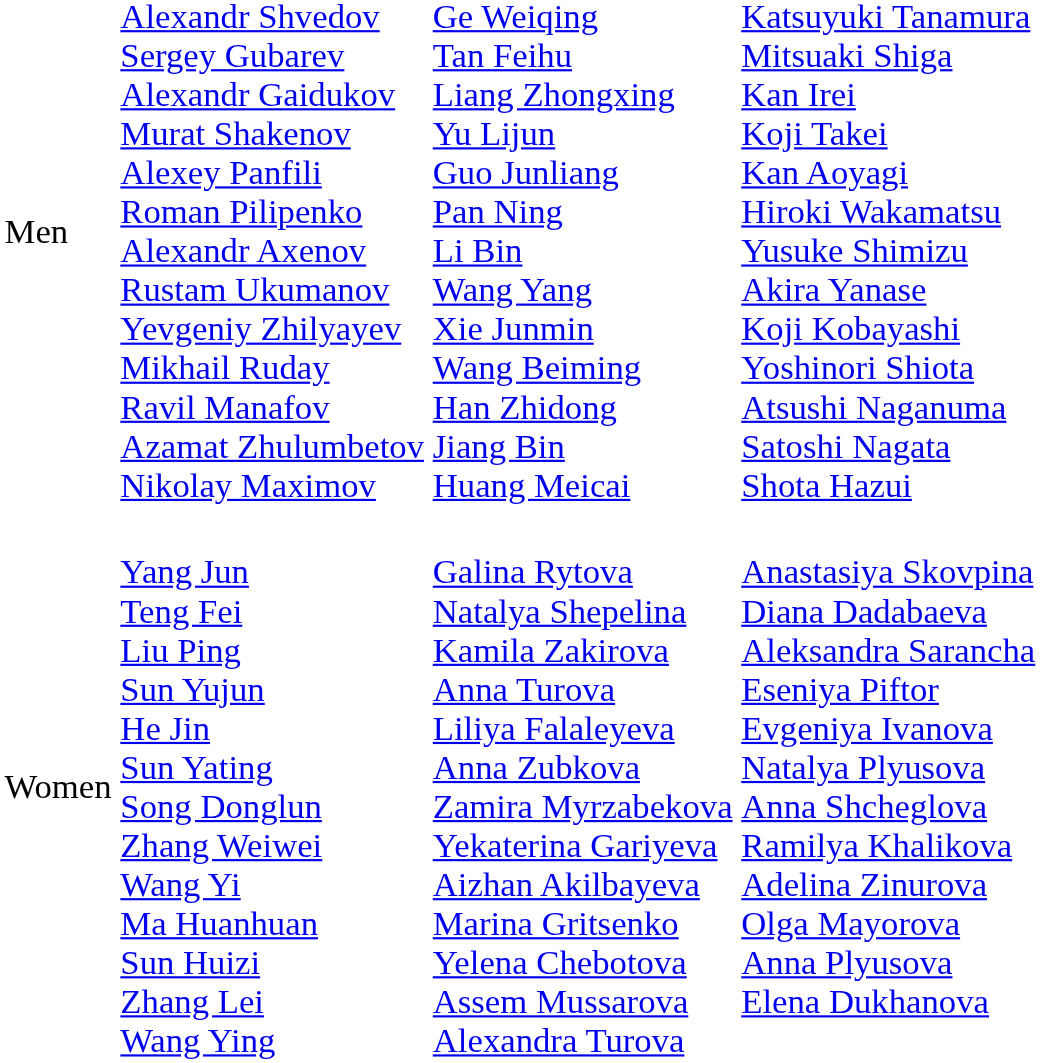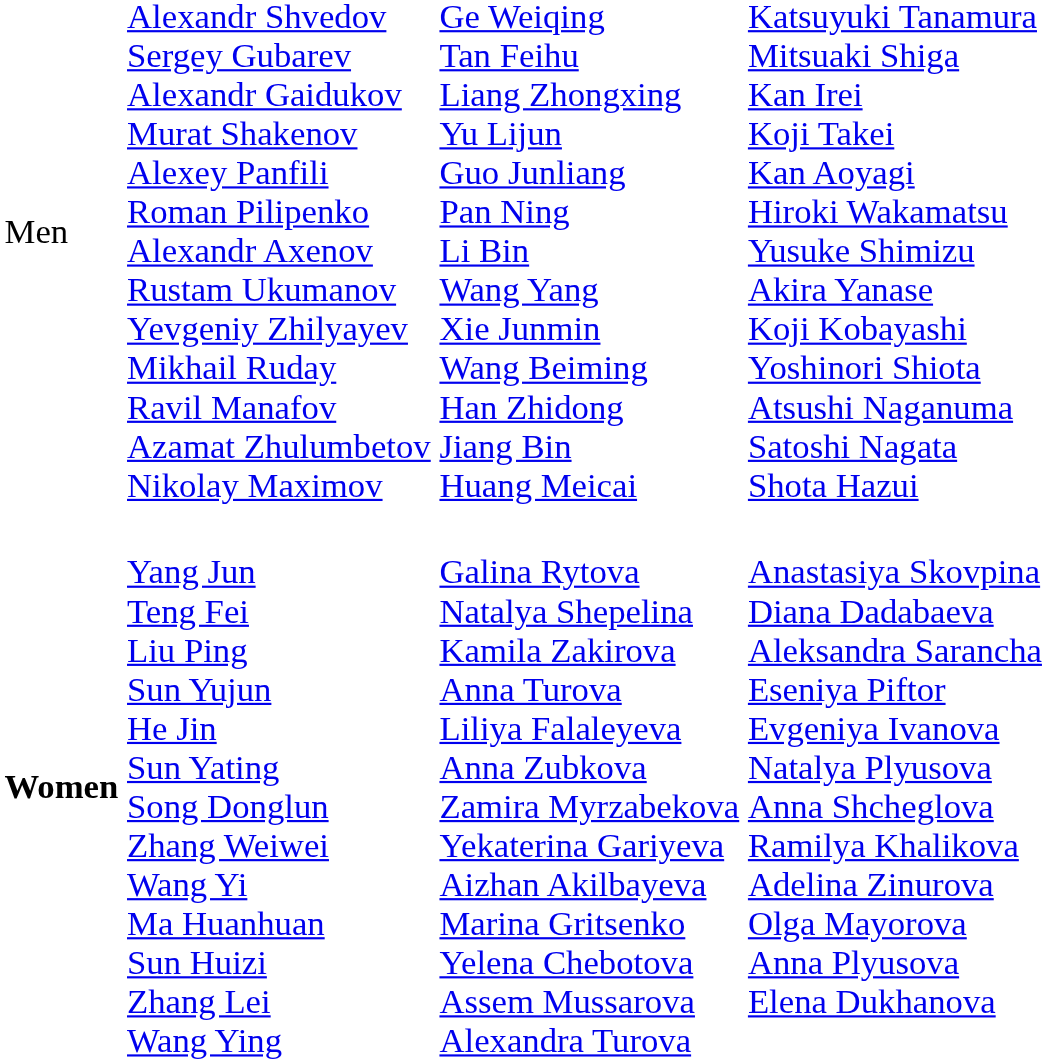 <table>
 <tr>
 <td>Men<br></td>
 <td><br><a href='#'>Alexandr Shvedov</a><br><a href='#'>Sergey Gubarev</a><br><a href='#'>Alexandr Gaidukov</a><br><a href='#'>Murat Shakenov</a><br><a href='#'>Alexey Panfili</a><br><a href='#'>Roman Pilipenko</a><br><a href='#'>Alexandr Axenov</a><br><a href='#'>Rustam Ukumanov</a><br><a href='#'>Yevgeniy Zhilyayev</a><br><a href='#'>Mikhail Ruday</a><br><a href='#'>Ravil Manafov</a><br><a href='#'>Azamat Zhulumbetov</a><br><a href='#'>Nikolay Maximov</a></td>
 <td><br><a href='#'>Ge Weiqing</a><br><a href='#'>Tan Feihu</a><br><a href='#'>Liang Zhongxing</a><br><a href='#'>Yu Lijun</a><br><a href='#'>Guo Junliang</a><br><a href='#'>Pan Ning</a><br><a href='#'>Li Bin</a><br><a href='#'>Wang Yang</a><br><a href='#'>Xie Junmin</a><br><a href='#'>Wang Beiming</a><br><a href='#'>Han Zhidong</a><br><a href='#'>Jiang Bin</a><br><a href='#'>Huang Meicai</a></td>
 <td><br><a href='#'>Katsuyuki Tanamura</a><br><a href='#'>Mitsuaki Shiga</a><br><a href='#'>Kan Irei</a><br><a href='#'>Koji Takei</a><br><a href='#'>Kan Aoyagi</a><br><a href='#'>Hiroki Wakamatsu</a><br><a href='#'>Yusuke Shimizu</a><br><a href='#'>Akira Yanase</a><br><a href='#'>Koji Kobayashi</a><br><a href='#'>Yoshinori Shiota</a><br><a href='#'>Atsushi Naganuma</a><br><a href='#'>Satoshi Nagata</a><br><a href='#'>Shota Hazui</a></td>
 </tr>
 <tr>
-<td>Women<br></td>
+<td><strong>Women<br></strong></td>
 <td><br><a href='#'>Yang Jun</a><br><a href='#'>Teng Fei</a><br><a href='#'>Liu Ping</a><br><a href='#'>Sun Yujun</a><br><a href='#'>He Jin</a><br><a href='#'>Sun Yating</a><br><a href='#'>Song Donglun</a><br><a href='#'>Zhang Weiwei</a><br><a href='#'>Wang Yi</a><br><a href='#'>Ma Huanhuan</a><br><a href='#'>Sun Huizi</a><br><a href='#'>Zhang Lei</a><br><a href='#'>Wang Ying</a></td>
 <td><br><a href='#'>Galina Rytova</a><br><a href='#'>Natalya Shepelina</a><br><a href='#'>Kamila Zakirova</a><br><a href='#'>Anna Turova</a><br><a href='#'>Liliya Falaleyeva</a><br><a href='#'>Anna Zubkova</a><br><a href='#'>Zamira Myrzabekova</a><br><a href='#'>Yekaterina Gariyeva</a><br><a href='#'>Aizhan Akilbayeva</a><br><a href='#'>Marina Gritsenko</a><br><a href='#'>Yelena Chebotova</a><br><a href='#'>Assem Mussarova</a><br><a href='#'>Alexandra Turova</a></td>
 <td valign=top><br><a href='#'>Anastasiya Skovpina</a><br><a href='#'>Diana Dadabaeva</a><br><a href='#'>Aleksandra Sarancha</a><br><a href='#'>Eseniya Piftor</a><br><a href='#'>Evgeniya Ivanova</a><br><a href='#'>Natalya Plyusova</a><br><a href='#'>Anna Shcheglova</a><br><a href='#'>Ramilya Khalikova</a><br><a href='#'>Adelina Zinurova</a><br><a href='#'>Olga Mayorova</a><br><a href='#'>Anna Plyusova</a><br><a href='#'>Elena Dukhanova</a></td>
 </tr>
 </table>
